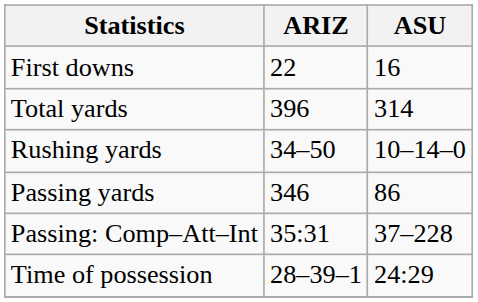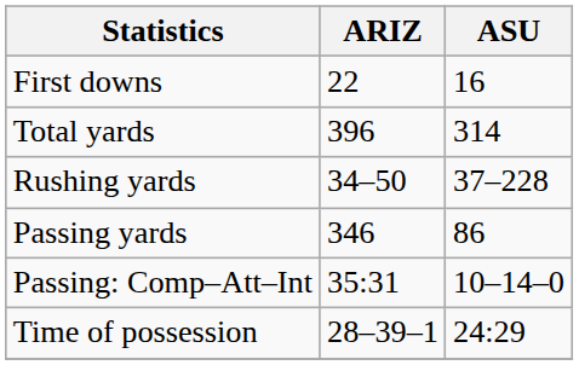 <table class="wikitable" style="float: left;">
 <tr>
 <th>Statistics</th>
 <th>ARIZ</th>
 <th>ASU</th>
 </tr>
 <tr>
 <td>First downs</td>
 <td>22</td>
 <td>16</td>
 </tr>
 <tr>
 <td>Total yards</td>
 <td>396</td>
 <td>314</td>
 </tr>
 <tr>
 <td>Rushing yards</td>
 <td>34–50</td>
-<td>10–14–0</td>
+<td>37–228</td>
 </tr>
 <tr>
 <td>Passing yards</td>
 <td>346</td>
 <td>86</td>
 </tr>
 <tr>
 <td>Passing: Comp–Att–Int</td>
 <td>35:31</td>
-<td>37–228</td>
+<td>10–14–0</td>
 </tr>
 <tr>
 <td>Time of possession</td>
 <td>28–39–1</td>
 <td>24:29</td>
 </tr>
 <tr>
 </tr>
 </table>
